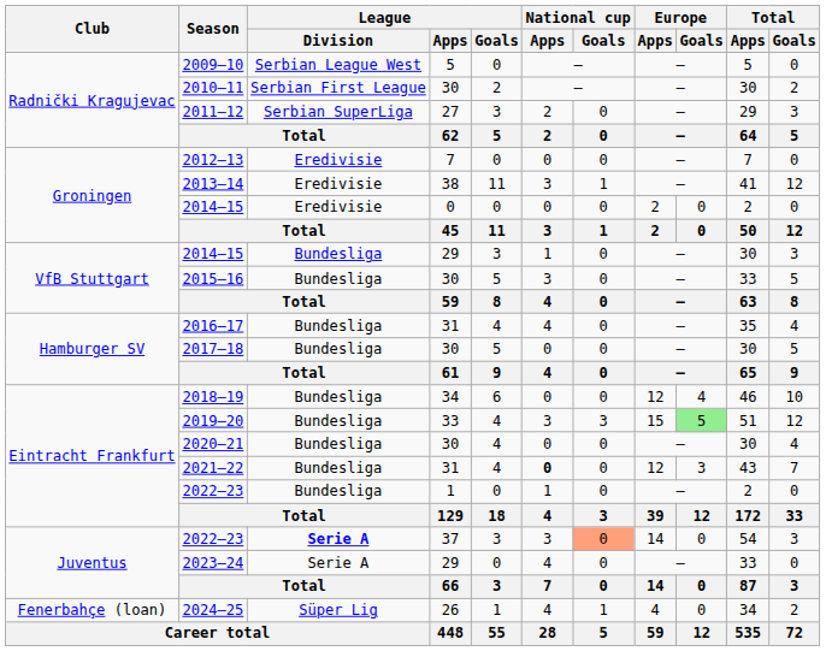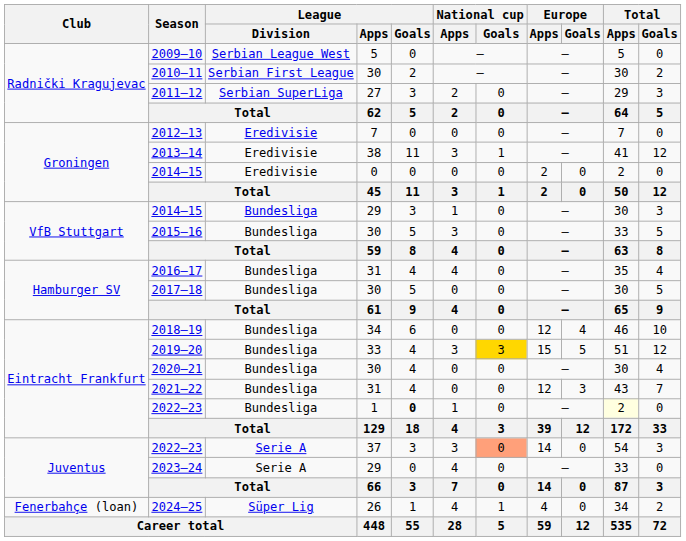 <table class="wikitable" style="text-align:center">
 <tr>
 <th rowspan="2">Club</th>
 <th rowspan="2">Season</th>
 <th colspan="3">League</th>
 <th colspan="2">National cup</th>
 <th colspan="2">Europe</th>
 <th colspan="2">Total</th>
 </tr>
 <tr>
 <th>Division</th>
 <th>Apps</th>
 <th>Goals</th>
 <th>Apps</th>
 <th>Goals</th>
 <th>Apps</th>
 <th>Goals</th>
 <th>Apps</th>
 <th>Goals</th>
 </tr>
 <tr>
 <td rowspan="4"><a href='#'>Radnički Kragujevac</a></td>
 <td><a href='#'>2009–10</a></td>
 <td><a href='#'>Serbian League West</a></td>
 <td>5</td>
 <td>0</td>
 <td colspan="2">—</td>
 <td colspan="2">—</td>
 <td>5</td>
 <td>0</td>
 </tr>
 <tr>
 <td><a href='#'>2010–11</a></td>
 <td><a href='#'>Serbian First League</a></td>
 <td>30</td>
 <td>2</td>
 <td colspan="2">—</td>
 <td colspan="2">—</td>
 <td>30</td>
 <td>2</td>
 </tr>
 <tr>
 <td><a href='#'>2011–12</a></td>
 <td><a href='#'>Serbian SuperLiga</a></td>
 <td>27</td>
 <td>3</td>
 <td>2</td>
 <td>0</td>
 <td colspan="2">—</td>
 <td>29</td>
 <td>3</td>
 </tr>
 <tr>
 <th colspan="2">Total</th>
 <th>62</th>
 <th>5</th>
 <th>2</th>
 <th>0</th>
 <th colspan="2">—</th>
 <th>64</th>
 <th>5</th>
 </tr>
 <tr>
 <td rowspan="4"><a href='#'>Groningen</a></td>
 <td><a href='#'>2012–13</a></td>
 <td><a href='#'>Eredivisie</a></td>
 <td>7</td>
 <td>0</td>
 <td>0</td>
 <td>0</td>
 <td colspan="2">—</td>
 <td>7</td>
 <td>0</td>
 </tr>
 <tr>
 <td><a href='#'>2013–14</a></td>
 <td>Eredivisie</td>
 <td>38</td>
 <td>11</td>
 <td>3</td>
 <td>1</td>
 <td colspan="2">—</td>
 <td>41</td>
 <td>12</td>
 </tr>
 <tr>
 <td><a href='#'>2014–15</a></td>
 <td>Eredivisie</td>
 <td>0</td>
 <td>0</td>
 <td>0</td>
 <td>0</td>
 <td>2</td>
 <td>0</td>
 <td>2</td>
 <td>0</td>
 </tr>
 <tr>
 <th colspan="2">Total</th>
 <th>45</th>
 <th>11</th>
 <th>3</th>
 <th>1</th>
 <th>2</th>
 <th>0</th>
 <th>50</th>
 <th>12</th>
 </tr>
 <tr>
 <td rowspan="3"><a href='#'>VfB Stuttgart</a></td>
 <td><a href='#'>2014–15</a></td>
 <td><a href='#'>Bundesliga</a></td>
 <td>29</td>
 <td>3</td>
 <td>1</td>
 <td>0</td>
 <td colspan="2">—</td>
 <td>30</td>
 <td>3</td>
 </tr>
 <tr>
 <td><a href='#'>2015–16</a></td>
 <td>Bundesliga</td>
 <td>30</td>
 <td>5</td>
 <td>3</td>
 <td>0</td>
 <td colspan="2">—</td>
 <td>33</td>
 <td>5</td>
 </tr>
 <tr>
 <th colspan="2">Total</th>
 <th>59</th>
 <th>8</th>
 <th>4</th>
 <th>0</th>
 <th colspan="2">—</th>
 <th>63</th>
 <th>8</th>
 </tr>
 <tr>
 <td rowspan="3"><a href='#'>Hamburger SV</a></td>
 <td><a href='#'>2016–17</a></td>
 <td>Bundesliga</td>
 <td>31</td>
 <td>4</td>
 <td>4</td>
 <td>0</td>
 <td colspan="2">—</td>
 <td>35</td>
 <td>4</td>
 </tr>
 <tr>
 <td><a href='#'>2017–18</a></td>
 <td>Bundesliga</td>
 <td>30</td>
 <td>5</td>
 <td>0</td>
 <td>0</td>
 <td colspan="2">—</td>
 <td>30</td>
 <td>5</td>
 </tr>
 <tr>
 <th colspan="2">Total</th>
 <th>61</th>
 <th>9</th>
 <th>4</th>
 <th>0</th>
 <th colspan="2">—</th>
 <th>65</th>
 <th>9</th>
 </tr>
 <tr>
 <td rowspan="6"><a href='#'>Eintracht Frankfurt</a></td>
 <td><a href='#'>2018–19</a></td>
 <td>Bundesliga</td>
 <td>34</td>
 <td>6</td>
 <td>0</td>
 <td>0</td>
 <td>12</td>
 <td>4</td>
 <td>46</td>
 <td>10</td>
 </tr>
 <tr>
 <td><a href='#'>2019–20</a></td>
 <td>Bundesliga</td>
 <td>33</td>
 <td>4</td>
 <td>3</td>
-<td>3</td>
+<td style="background: gold;">3</td>
 <td>15</td>
-<td style="background: lightgreen;">5</td>
+<td>5</td>
 <td>51</td>
 <td>12</td>
 </tr>
 <tr>
 <td><a href='#'>2020–21</a></td>
 <td>Bundesliga</td>
 <td>30</td>
 <td>4</td>
 <td>0</td>
 <td>0</td>
 <td colspan="2">—</td>
 <td>30</td>
 <td>4</td>
 </tr>
 <tr>
 <td><a href='#'>2021–22</a></td>
 <td>Bundesliga</td>
 <td>31</td>
 <td>4</td>
-<td><strong>0</strong></td>
+<td>0</td>
 <td>0</td>
 <td>12</td>
 <td>3</td>
 <td>43</td>
 <td>7</td>
 </tr>
 <tr>
 <td><a href='#'>2022–23</a></td>
 <td>Bundesliga</td>
 <td>1</td>
-<td>0</td>
+<td><strong>0</strong></td>
 <td>1</td>
 <td>0</td>
 <td colspan="2">—</td>
-<td>2</td>
+<td style="background: lightyellow;">2</td>
 <td>0</td>
 </tr>
 <tr>
 <th colspan="2">Total</th>
 <th>129</th>
 <th>18</th>
 <th>4</th>
 <th>3</th>
 <th>39</th>
 <th>12</th>
 <th>172</th>
 <th>33</th>
 </tr>
 <tr>
 <td rowspan="3"><a href='#'>Juventus</a></td>
 <td><a href='#'>2022–23</a></td>
-<td><strong><a href='#'>Serie A</a></strong></td>
+<td><a href='#'>Serie A</a></td>
 <td>37</td>
 <td>3</td>
 <td>3</td>
 <td style="background: lightsalmon;">0</td>
 <td>14</td>
 <td>0</td>
 <td>54</td>
 <td>3</td>
 </tr>
 <tr>
 <td><a href='#'>2023–24</a></td>
 <td>Serie A</td>
 <td>29</td>
 <td>0</td>
 <td>4</td>
 <td>0</td>
 <td colspan="2">—</td>
 <td>33</td>
 <td>0</td>
 </tr>
 <tr>
 <th colspan="2">Total</th>
 <th>66</th>
 <th>3</th>
 <th>7</th>
 <th>0</th>
 <th>14</th>
 <th>0</th>
 <th>87</th>
 <th>3</th>
 </tr>
 <tr>
 <td><a href='#'>Fenerbahçe</a> (loan)</td>
 <td><a href='#'>2024–25</a></td>
 <td><a href='#'>Süper Lig</a></td>
 <td>26</td>
 <td>1</td>
 <td>4</td>
 <td>1</td>
 <td>4</td>
 <td>0</td>
 <td>34</td>
 <td>2</td>
 </tr>
 <tr>
 <th colspan="3">Career total</th>
 <th>448</th>
 <th>55</th>
 <th>28</th>
 <th>5</th>
 <th>59</th>
 <th>12</th>
 <th>535</th>
 <th>72</th>
 </tr>
 </table>
